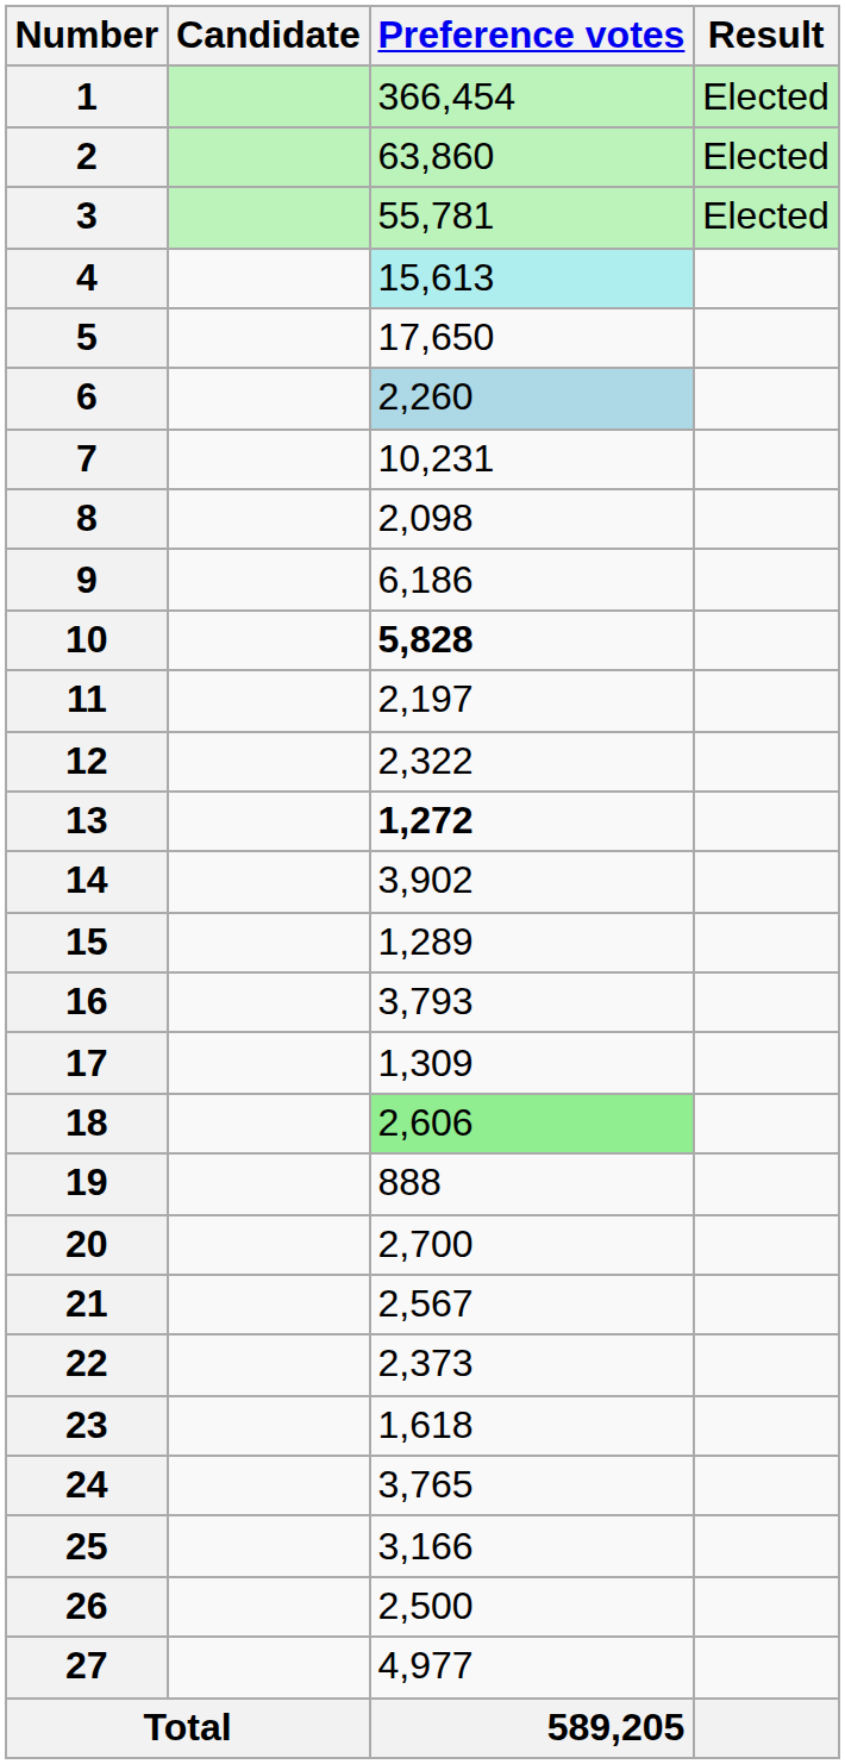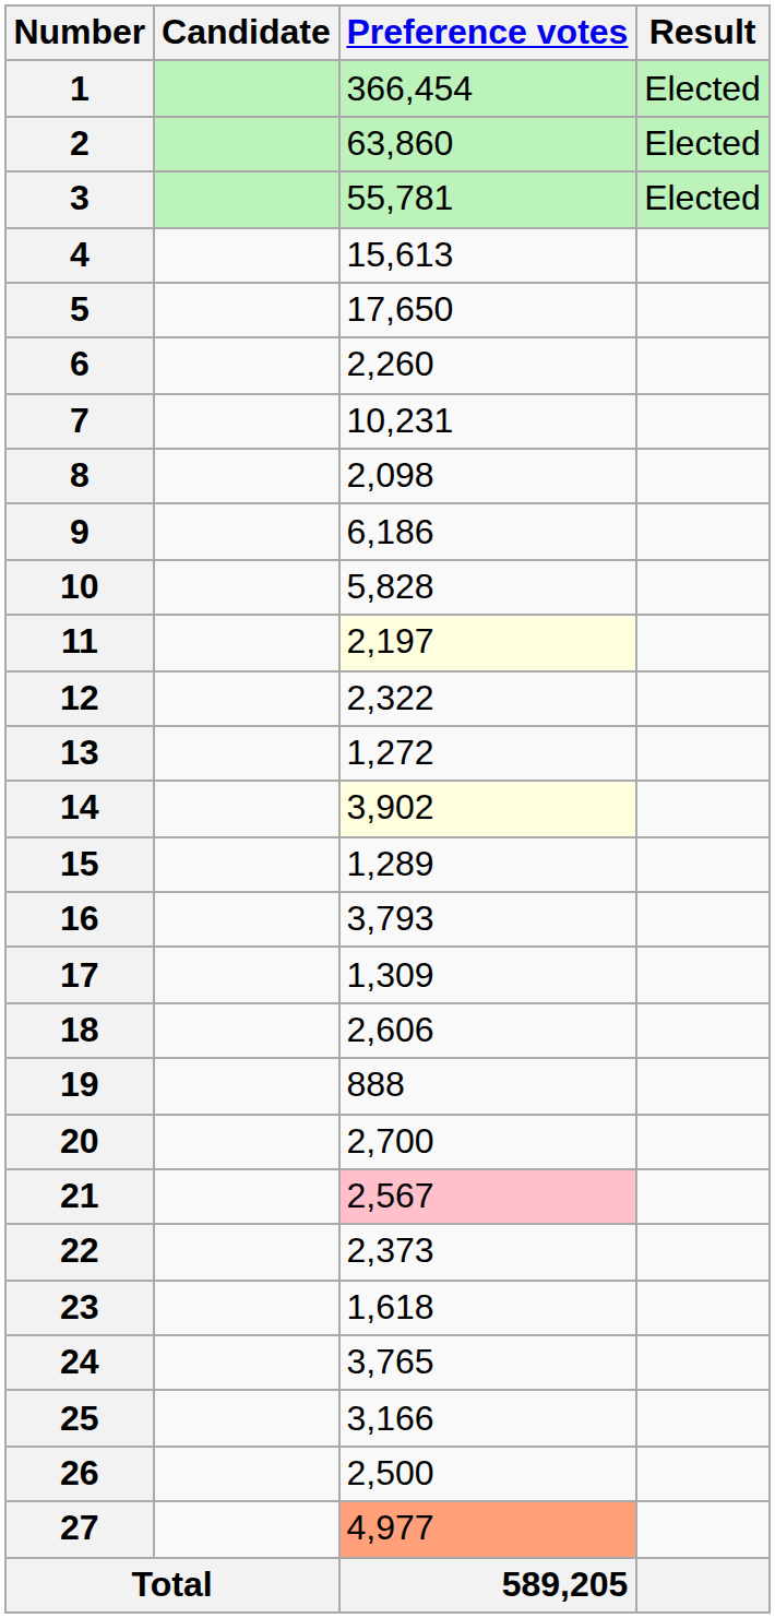 <table class="wikitable sortable" >
 <tr>
 <th scope="col">Number</th>
 <th scope="col">Candidate</th>
 <th scope="col"><a href='#'>Preference votes</a></th>
 <th scope="col">Result</th>
 </tr>
 <tr bgcolor=bbf3bb>
 <th scope="row">1</th>
 <td style="text-align:left"></td>
 <td>366,454</td>
 <td>Elected</td>
 </tr>
 <tr bgcolor=bbf3bb>
 <th scope="row">2</th>
 <td style="text-align:left"></td>
 <td>63,860</td>
 <td>Elected</td>
 </tr>
 <tr bgcolor=bbf3bb>
 <th scope="row">3</th>
 <td style="text-align:left"></td>
 <td>55,781</td>
 <td>Elected</td>
 </tr>
 <tr>
 <th scope="row">4</th>
 <td style="text-align:left"></td>
-<td style="background: paleturquoise;">15,613</td>
+<td>15,613</td>
 <td></td>
 </tr>
 <tr>
 <th scope="row">5</th>
 <td style="text-align:left"></td>
 <td>17,650</td>
 <td></td>
 </tr>
 <tr>
 <th scope="row">6</th>
 <td style="text-align:left"></td>
-<td style="background: lightblue;">2,260</td>
+<td>2,260</td>
 <td></td>
 </tr>
 <tr>
 <th scope="row">7</th>
 <td style="text-align:left"></td>
 <td>10,231</td>
 <td></td>
 </tr>
 <tr>
 <th scope="row">8</th>
 <td style="text-align:left"></td>
 <td>2,098</td>
 <td></td>
 </tr>
 <tr>
 <th scope="row">9</th>
 <td style="text-align:left"></td>
 <td>6,186</td>
 <td></td>
 </tr>
 <tr>
 <th scope="row">10</th>
 <td style="text-align:left"></td>
-<td><strong>5,828</strong></td>
+<td>5,828</td>
 <td></td>
 </tr>
 <tr>
 <th scope="row">11</th>
 <td style="text-align:left"></td>
-<td>2,197</td>
+<td style="background: lightyellow;">2,197</td>
 <td></td>
 </tr>
 <tr>
 <th scope="row">12</th>
 <td style="text-align:left"></td>
 <td>2,322</td>
 <td></td>
 </tr>
 <tr>
 <th scope="row">13</th>
 <td style="text-align:left"></td>
-<td><strong>1,272</strong></td>
+<td>1,272</td>
 <td></td>
 </tr>
 <tr>
 <th scope="row">14</th>
 <td style="text-align:left"></td>
-<td>3,902</td>
+<td style="background: lightyellow;">3,902</td>
 </tr>
 <tr>
 <th scope="row">15</th>
 <td style="text-align:left"></td>
 <td>1,289</td>
 <td></td>
 </tr>
 <tr>
 <th scope="row">16</th>
 <td style="text-align:left"></td>
 <td>3,793</td>
 <td></td>
 </tr>
 <tr>
 <th scope="row">17</th>
 <td style="text-align:left"></td>
 <td>1,309</td>
 <td></td>
 </tr>
 <tr>
 <th scope="row">18</th>
 <td style="text-align:left"></td>
-<td style="background: lightgreen;">2,606</td>
+<td>2,606</td>
 <td></td>
 </tr>
 <tr>
 <th scope="row">19</th>
 <td style="text-align:left"></td>
 <td>888</td>
 <td></td>
 </tr>
 <tr>
 <th scope="row">20</th>
 <td style="text-align:left"></td>
 <td>2,700</td>
 <td></td>
 </tr>
 <tr>
 <th scope="row">21</th>
 <td style="text-align:left"></td>
-<td>2,567</td>
+<td style="background: pink;">2,567</td>
 <td></td>
 </tr>
 <tr>
 <th scope="row">22</th>
 <td style="text-align:left"></td>
 <td>2,373</td>
 <td></td>
 </tr>
 <tr>
 <th scope="row">23</th>
 <td style="text-align:left"></td>
 <td>1,618</td>
 <td></td>
 </tr>
 <tr>
 <th scope="row">24</th>
 <td style="text-align:left"></td>
 <td>3,765</td>
 <td></td>
 </tr>
 <tr>
 <th scope="row">25</th>
 <td style="text-align:left"></td>
 <td>3,166</td>
 <td></td>
 </tr>
 <tr>
 <th scope="row">26</th>
 <td style="text-align:left"></td>
 <td>2,500</td>
 <td></td>
 </tr>
 <tr>
 <th scope="row">27</th>
 <td style="text-align:left"></td>
-<td>4,977</td>
+<td style="background: lightsalmon;">4,977</td>
 <td></td>
 </tr>
 <tr class="sortbottom">
 <th scope="row"  colspan="2">Total</th>
 <th style="text-align:right">589,205</th>
 <th></th>
 </tr>
 </table>
